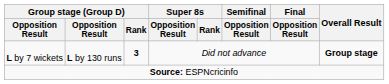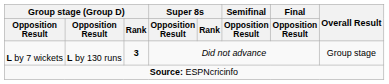 <table class=wikitable style=font-size:90%;text-align:center>
 <tr>
 <th colspan=3>Group stage (Group D)</th>
 <th colspan=2>Super 8s</th>
 <th>Semifinal</th>
 <th>Final</th>
 <th rowspan=2>Overall Result</th>
 </tr>
 <tr style=font-size:95%>
 <th>Opposition<br>Result</th>
 <th>Opposition<br>Result</th>
 <th>Rank</th>
 <th>Opposition<br>Result</th>
 <th>Rank</th>
 <th>Opposition<br>Result</th>
 <th>Opposition<br>Result</th>
 </tr>
 <tr>
 <td><br><strong>L</strong> by 7 wickets</td>
 <td><br><strong>L</strong> by 130 runs</td>
 <td><strong>3</strong></td>
 <td colspan="4"><em>Did not advance</em></td>
-<td><strong>Group stage</strong></td>
+<td>Group stage</td>
 </tr>
 <tr>
 <td colspan="11"><strong>Source:</strong> ESPNcricinfo</td>
 </tr>
 </table>
